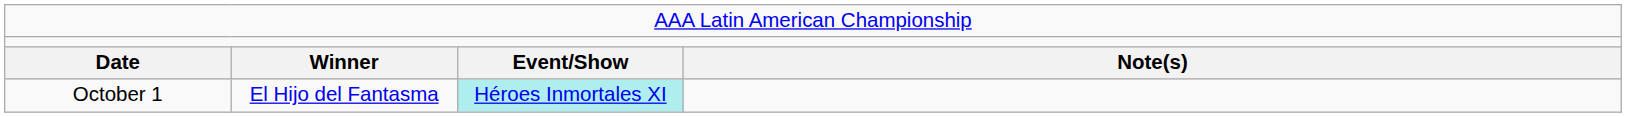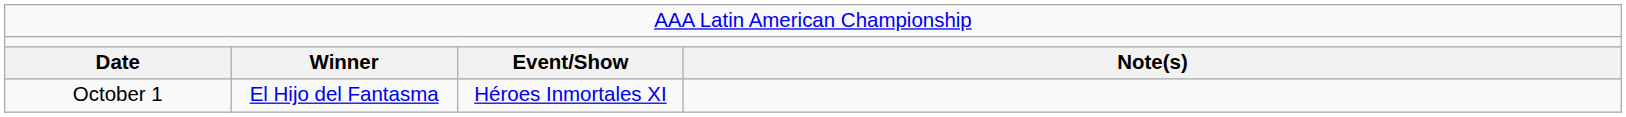 <table class="wikitable" style="text-align:center; width:100%;">
 <tr>
 <td colspan="5"><a href='#'>AAA Latin American Championship</a></td>
 </tr>
 <tr>
 <td colspan="5"><strong></strong></td>
 </tr>
 <tr>
 <th width="14%">Date</th>
 <th width="14%">Winner</th>
 <th width="14%">Event/Show</th>
 <th width="58%">Note(s)</th>
 </tr>
 <tr>
 <td>October 1</td>
 <td><a href='#'>El Hijo del Fantasma</a></td>
-<td style="background: paleturquoise;"><a href='#'>Héroes Inmortales XI</a></td>
+<td><a href='#'>Héroes Inmortales XI</a></td>
 <td align="left"></td>
 </tr>
 </table>
